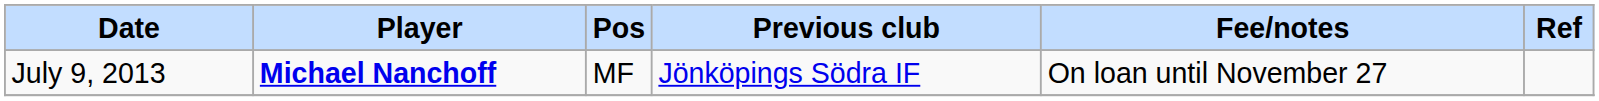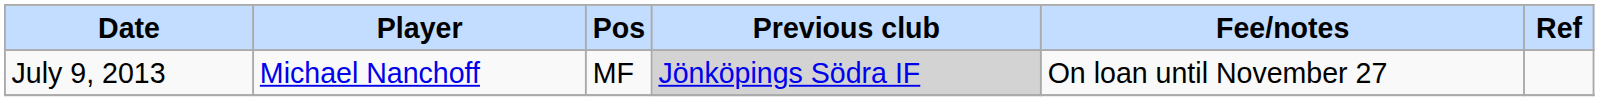 <table class="wikitable" style="text-align:left; font-size:95%;">
 <tr>
 <th style="background:#c2ddff; width:125px;">Date</th>
 <th style="background:#c2ddff; width:170px;">Player</th>
 <th style="background:#c2ddff; width:25px;">Pos</th>
 <th style="background:#c2ddff; width:200px;">Previous club</th>
 <th style="background:#c2ddff; width:250px;">Fee/notes</th>
 <th style="background:#c2ddff; width:30px;">Ref</th>
 </tr>
 <tr>
 <td>July 9, 2013</td>
-<td><strong> <a href='#'>Michael Nanchoff</a></strong></td>
+<td> <a href='#'>Michael Nanchoff</a></td>
 <td>MF</td>
-<td> <a href='#'>Jönköpings Södra IF</a></td>
+<td style="background: lightgrey;"> <a href='#'>Jönköpings Södra IF</a></td>
 <td>On loan until November 27</td>
 <td></td>
 </tr>
 <tr>
 </tr>
 </table>
